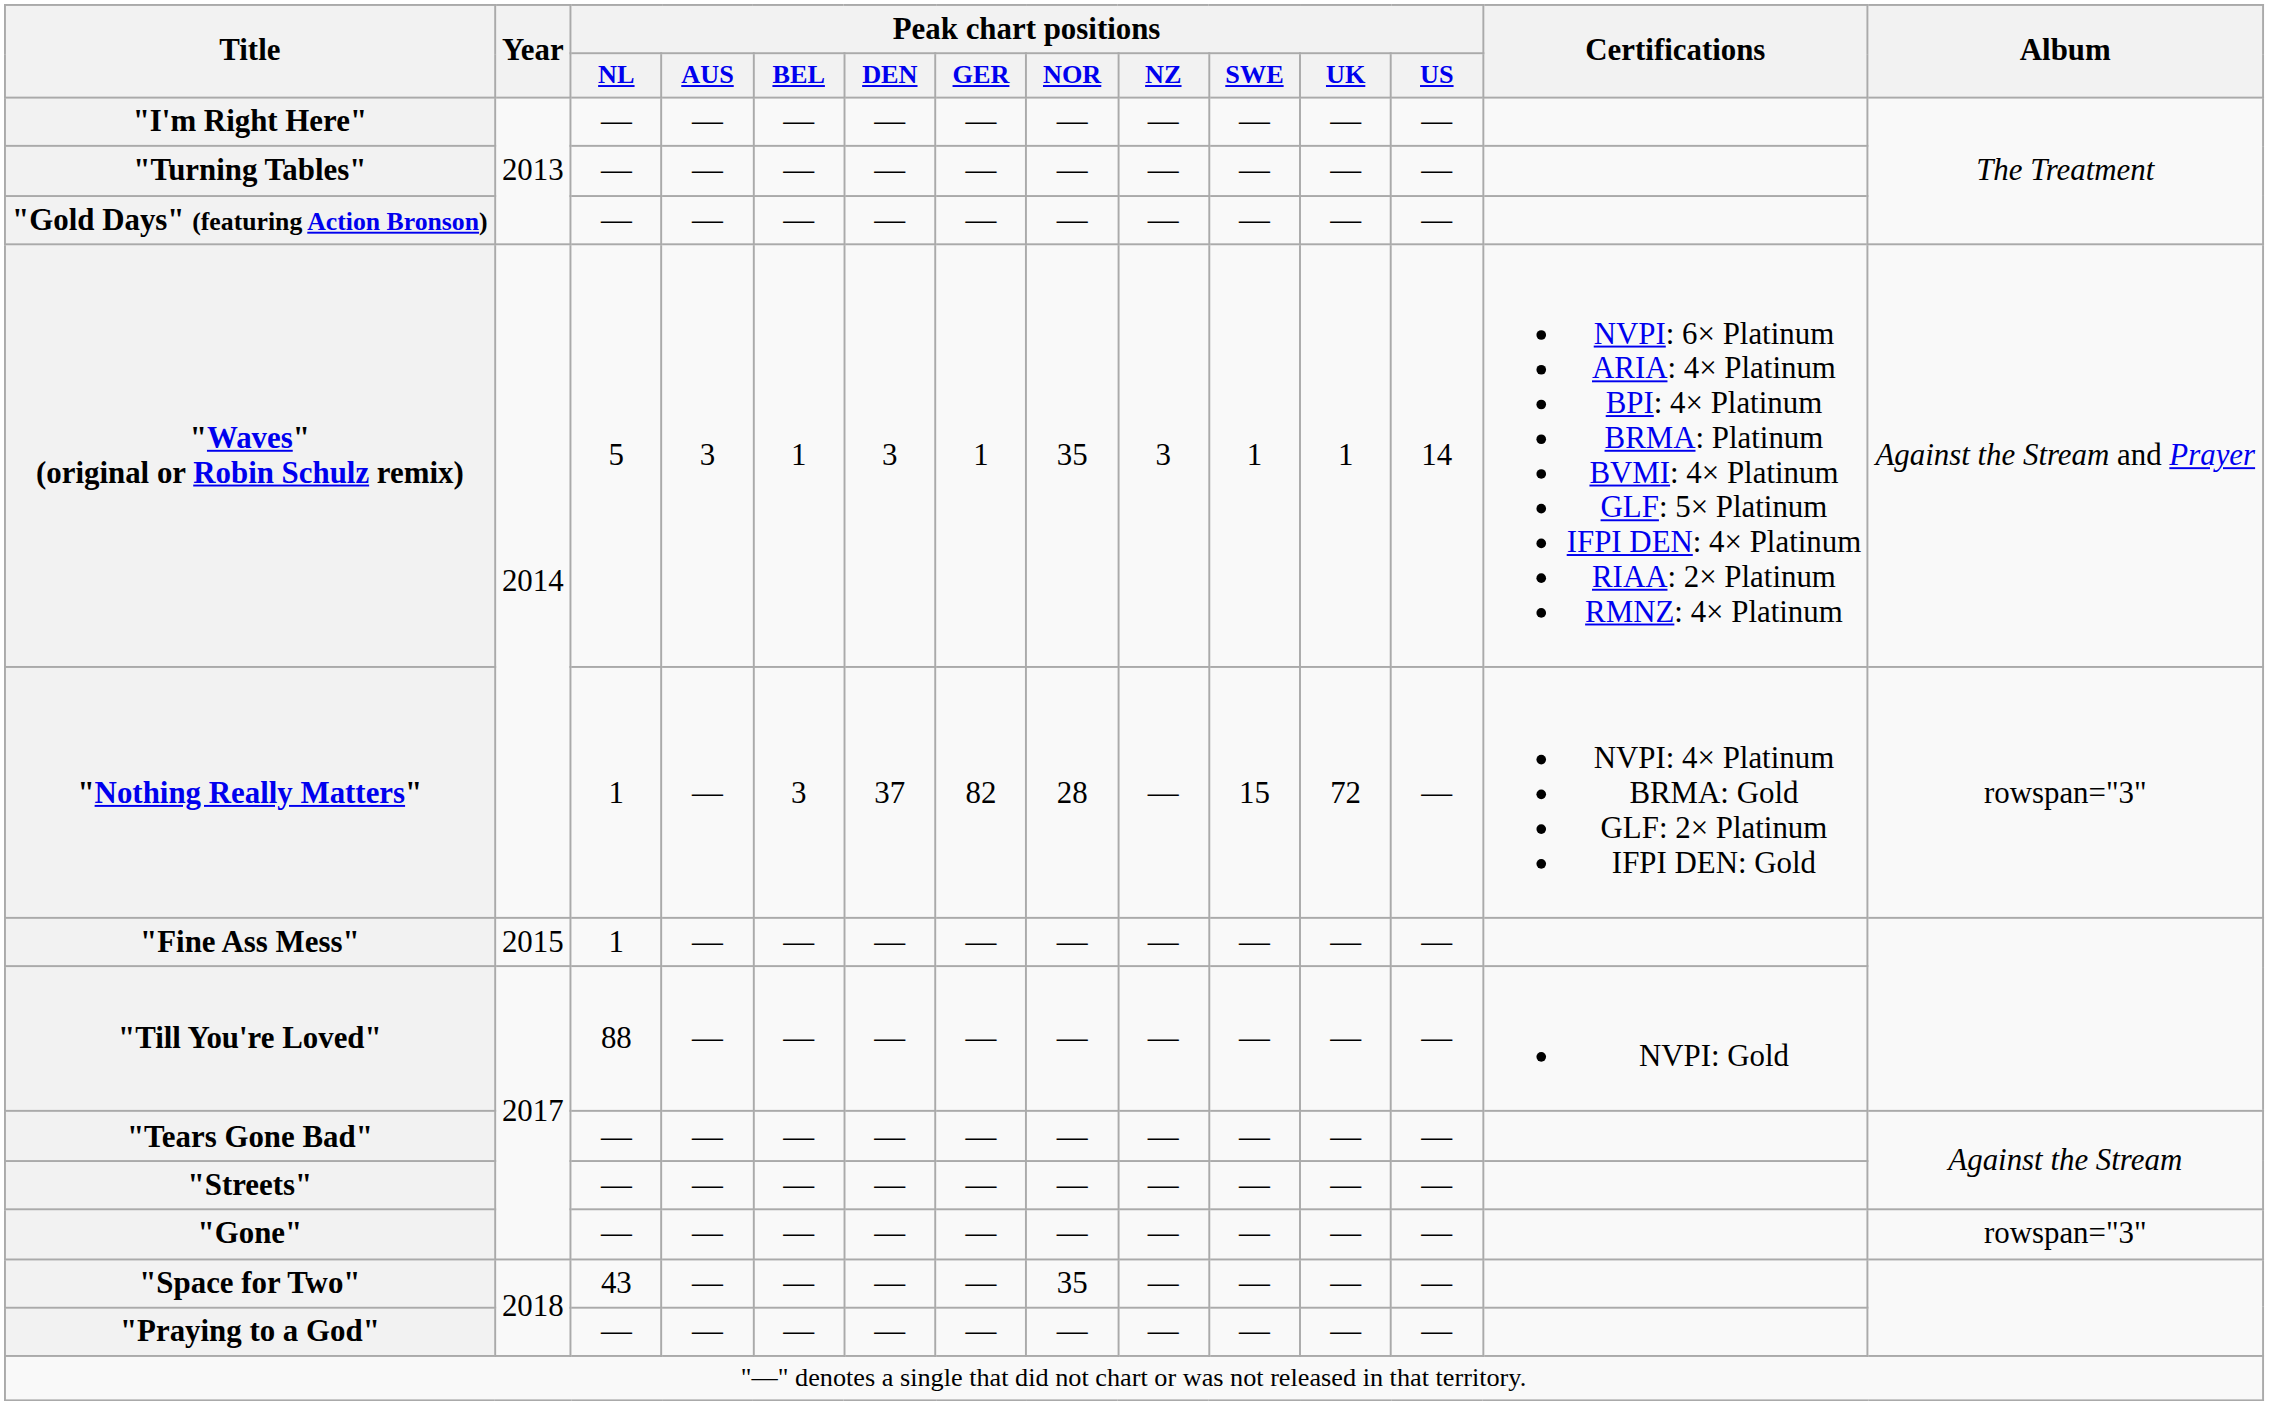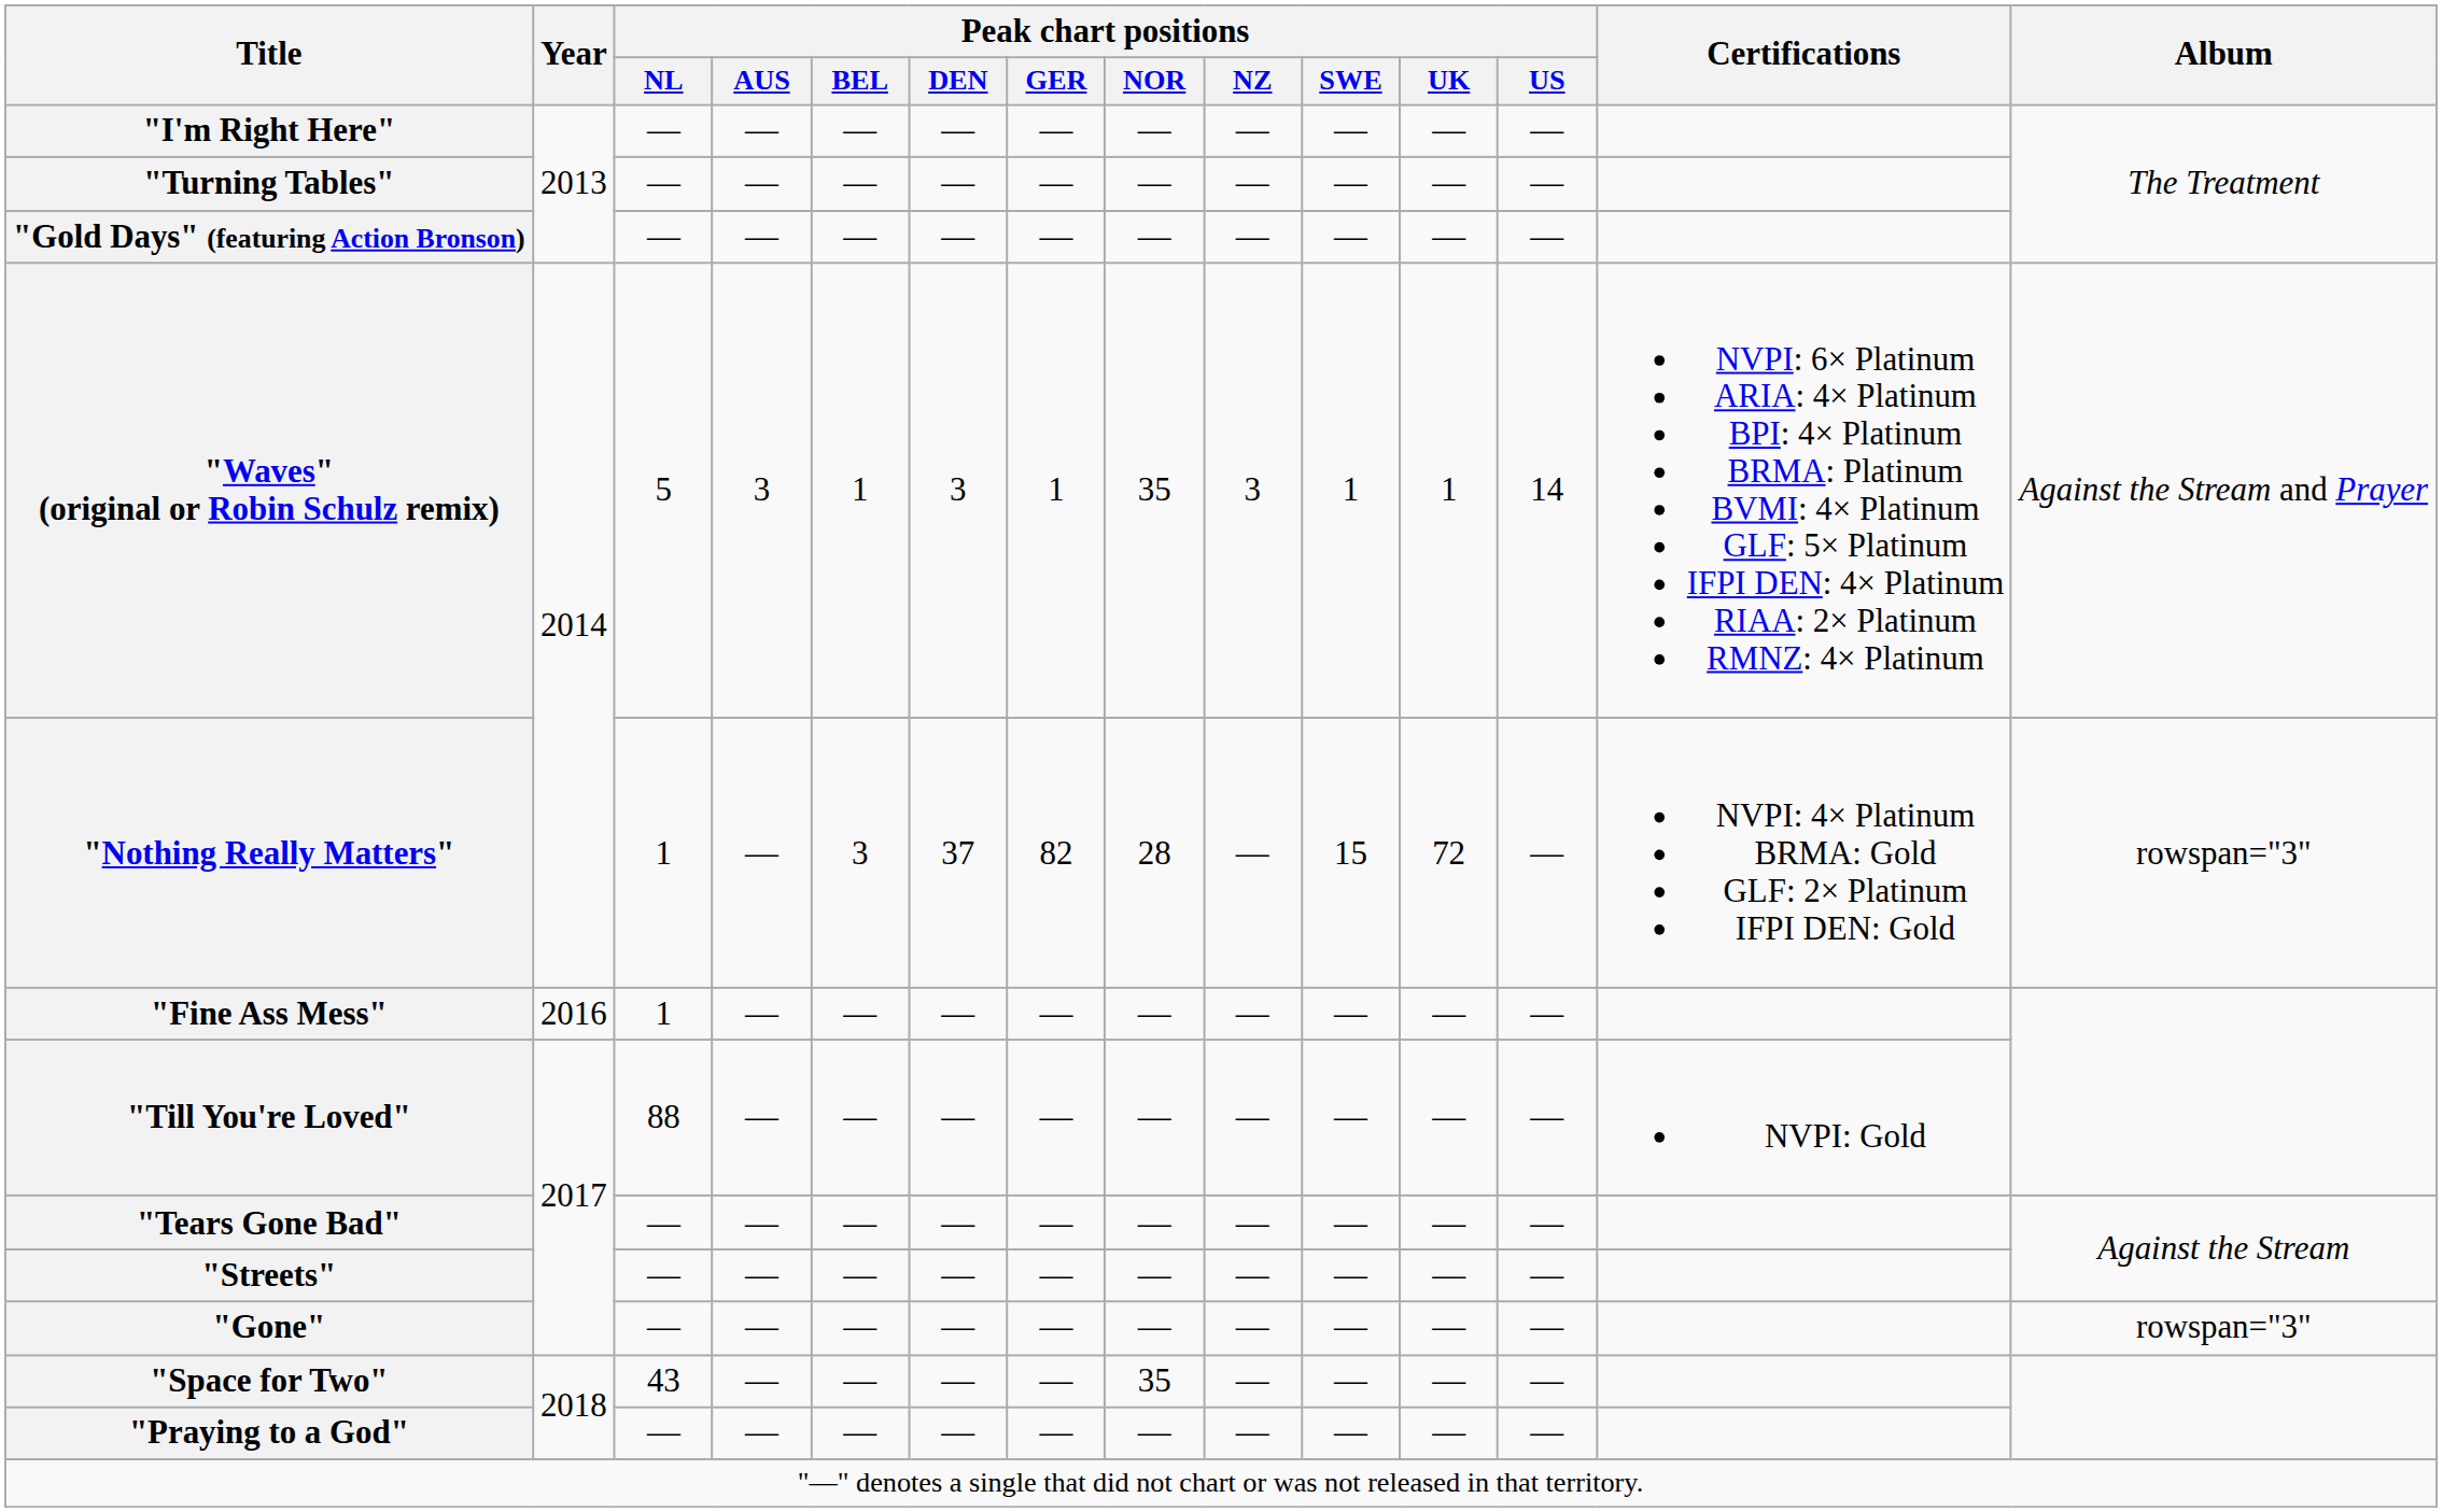 <table class="wikitable plainrowheaders" style="text-align:center;">
 <tr>
 <th rowspan="2" scope="col">Title</th>
 <th rowspan="2" scope="col">Year</th>
 <th colspan="10" scope="col">Peak chart positions</th>
 <th scope="col" rowspan="2">Certifications</th>
 <th scope="col" rowspan="2">Album</th>
 </tr>
 <tr>
 <th scope="col" style="width:3em;font-size:85%;"><a href='#'>NL</a><br></th>
 <th scope="col" style="width:3em;font-size:85%;"><a href='#'>AUS</a><br></th>
 <th scope="col" style="width:3em;font-size:85%;"><a href='#'>BEL</a><br></th>
 <th scope="col" style="width:3em;font-size:85%;"><a href='#'>DEN</a><br></th>
 <th scope="col" style="width:3em;font-size:85%;"><a href='#'>GER</a><br></th>
 <th scope="col" style="width:3em;font-size:85%;"><a href='#'>NOR</a><br></th>
 <th scope="col" style="width:3em;font-size:85%;"><a href='#'>NZ</a><br></th>
 <th scope="col" style="width:3em;font-size:85%;"><a href='#'>SWE</a><br></th>
 <th scope="col" style="width:3em;font-size:85%;"><a href='#'>UK</a><br></th>
 <th scope="col" style="width:3em;font-size:85%;"><a href='#'>US</a><br></th>
 </tr>
 <tr>
 <th scope="row">"I'm Right Here"</th>
 <td rowspan="3">2013</td>
 <td>—</td>
 <td>—</td>
 <td>—</td>
 <td>—</td>
 <td>—</td>
 <td>—</td>
 <td>—</td>
 <td>—</td>
 <td>—</td>
 <td>—</td>
 <td></td>
 <td rowspan="3"><em>The Treatment</em></td>
 </tr>
 <tr>
 <th scope="row">"Turning Tables"</th>
 <td>—</td>
 <td>—</td>
 <td>—</td>
 <td>—</td>
 <td>—</td>
 <td>—</td>
 <td>—</td>
 <td>—</td>
 <td>—</td>
 <td>—</td>
 <td></td>
 </tr>
 <tr>
 <th scope="row">"Gold Days" <small>(featuring <a href='#'>Action Bronson</a>)</small></th>
 <td>—</td>
 <td>—</td>
 <td>—</td>
 <td>—</td>
 <td>—</td>
 <td>—</td>
 <td>—</td>
 <td>—</td>
 <td>—</td>
 <td>—</td>
 <td></td>
 </tr>
 <tr>
 <th scope="row">"<a href='#'>Waves</a>"<br><span>(original or <a href='#'>Robin Schulz</a> remix)</span></th>
 <td rowspan="2">2014</td>
 <td>5</td>
 <td>3</td>
 <td>1</td>
 <td>3</td>
 <td>1</td>
 <td>35</td>
 <td>3</td>
 <td>1</td>
 <td>1</td>
 <td>14</td>
 <td><br><ul><li><a href='#'>NVPI</a>: 6× Platinum</li><li><a href='#'>ARIA</a>: 4× Platinum</li><li><a href='#'>BPI</a>: 4× Platinum</li><li><a href='#'>BRMA</a>: Platinum</li><li><a href='#'>BVMI</a>: 4× Platinum</li><li><a href='#'>GLF</a>: 5× Platinum</li><li><a href='#'>IFPI DEN</a>: 4× Platinum</li><li><a href='#'>RIAA</a>: 2× Platinum</li><li><a href='#'>RMNZ</a>: 4× Platinum</li></ul></td>
 <td><em>Against the Stream</em> and <em><a href='#'>Prayer</a></em></td>
 </tr>
 <tr>
 <th scope="row">"<a href='#'>Nothing Really Matters</a>"</th>
 <td>1</td>
 <td>—</td>
 <td>3</td>
 <td>37</td>
 <td>82</td>
 <td>28</td>
 <td>—</td>
 <td>15</td>
 <td>72</td>
 <td>—</td>
 <td><br><ul><li>NVPI: 4× Platinum</li><li>BRMA: Gold</li><li>GLF: 2× Platinum</li><li>IFPI DEN: Gold</li></ul></td>
 <td>rowspan="3" </td>
 </tr>
 <tr>
 <th scope="row">"Fine Ass Mess"</th>
-<td>2015</td>
+<td>2016</td>
 <td>1</td>
 <td>—</td>
 <td>—</td>
 <td>—</td>
 <td>—</td>
 <td>—</td>
 <td>—</td>
 <td>—</td>
 <td>—</td>
 <td>—</td>
 <td></td>
 </tr>
 <tr>
 <th scope="row">"Till You're Loved"</th>
 <td rowspan="4">2017</td>
 <td>88</td>
 <td>—</td>
 <td>—</td>
 <td>—</td>
 <td>—</td>
 <td>—</td>
 <td>—</td>
 <td>—</td>
 <td>—</td>
 <td>—</td>
 <td><br><ul><li>NVPI: Gold</li></ul></td>
 </tr>
 <tr>
 <th scope="row">"Tears Gone Bad"</th>
 <td>—</td>
 <td>—</td>
 <td>—</td>
 <td>—</td>
 <td>—</td>
 <td>—</td>
 <td>—</td>
 <td>—</td>
 <td>—</td>
 <td>—</td>
 <td></td>
 <td rowspan="2"><em>Against the Stream</em></td>
 </tr>
 <tr>
 <th scope="row">"Streets"</th>
 <td>—</td>
 <td>—</td>
 <td>—</td>
 <td>—</td>
 <td>—</td>
 <td>—</td>
 <td>—</td>
 <td>—</td>
 <td>—</td>
 <td>—</td>
 <td></td>
 </tr>
 <tr>
 <th scope="row">"Gone"<br></th>
 <td>—</td>
 <td>—</td>
 <td>—</td>
 <td>—</td>
 <td>—</td>
 <td>—</td>
 <td>—</td>
 <td>—</td>
 <td>—</td>
 <td>—</td>
 <td></td>
 <td>rowspan="3" </td>
 </tr>
 <tr>
 <th scope="row">"Space for Two"</th>
 <td rowspan="2">2018</td>
 <td>43</td>
 <td>—</td>
 <td>—</td>
 <td>—</td>
 <td>—</td>
 <td>35</td>
 <td>—</td>
 <td>—</td>
 <td>—</td>
 <td>—</td>
 <td></td>
 </tr>
 <tr>
 <th scope="row">"Praying to a God"</th>
 <td>—</td>
 <td>—</td>
 <td>—</td>
 <td>—</td>
 <td>—</td>
 <td>—</td>
 <td>—</td>
 <td>—</td>
 <td>—</td>
 <td>—</td>
 <td></td>
 </tr>
 <tr>
 <td colspan="15" style="font-size:85%">"—" denotes a single that did not chart or was not released in that territory.</td>
 </tr>
 </table>
